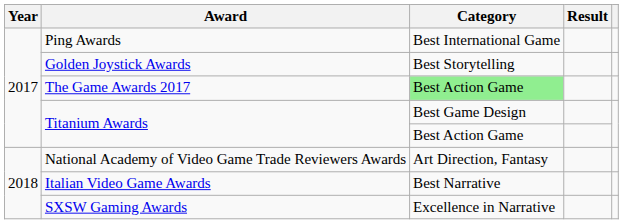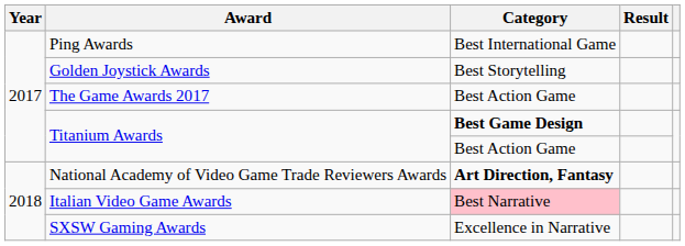 <table class="wikitable sortable">
 <tr>
 <th>Year</th>
 <th>Award</th>
 <th>Category</th>
 <th>Result</th>
 <th></th>
 </tr>
 <tr>
 <td style="text-align:center;" rowspan="5">2017</td>
 <td>Ping Awards</td>
 <td>Best International Game</td>
 <td></td>
 <td></td>
 </tr>
 <tr>
 <td><a href='#'>Golden Joystick Awards</a></td>
 <td>Best Storytelling</td>
 <td></td>
 <td></td>
 </tr>
 <tr>
 <td><a href='#'>The Game Awards 2017</a></td>
-<td style="background: lightgreen;">Best Action Game</td>
+<td>Best Action Game</td>
 <td></td>
 <td></td>
 </tr>
 <tr>
 <td rowspan="2"><a href='#'>Titanium Awards</a></td>
-<td>Best Game Design</td>
+<td><strong>Best Game Design</strong></td>
 <td></td>
 <td rowspan="2"></td>
 </tr>
 <tr>
 <td>Best Action Game</td>
 <td></td>
 </tr>
 <tr>
 <td style="text-align:center;" rowspan="3">2018</td>
 <td>National Academy of Video Game Trade Reviewers Awards</td>
-<td>Art Direction, Fantasy</td>
+<td><strong>Art Direction, Fantasy</strong></td>
 <td></td>
 <td></td>
 </tr>
 <tr>
 <td><a href='#'>Italian Video Game Awards</a></td>
-<td>Best Narrative</td>
+<td style="background: pink;">Best Narrative</td>
 <td></td>
 <td></td>
 </tr>
 <tr>
 <td><a href='#'>SXSW Gaming Awards</a></td>
 <td>Excellence in Narrative</td>
 <td></td>
 <td></td>
 </tr>
 </table>
